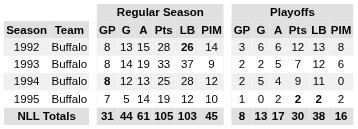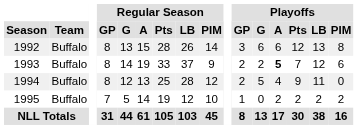 <table BORDER="0" CELLPADDING="3" CELLSPACING="0">
 <tr ALIGN="center" bgcolor="#e0e0e0">
 <th colspan="2" bgcolor="#ffffff"> </th>
 <th rowspan="99" bgcolor="#ffffff"> </th>
 <th colspan="6">Regular Season</th>
 <th rowspan="99" bgcolor="#ffffff"> </th>
 <th colspan="6">Playoffs</th>
 </tr>
 <tr ALIGN="center" bgcolor="#e0e0e0">
 <th>Season</th>
 <th>Team</th>
 <th>GP</th>
 <th>G</th>
 <th>A</th>
 <th>Pts</th>
 <th>LB</th>
 <th>PIM</th>
 <th>GP</th>
 <th>G</th>
 <th>A</th>
 <th>Pts</th>
 <th>LB</th>
 <th>PIM</th>
 </tr>
 <tr ALIGN="center" bgcolor="#f0f0f0">
 <td>1992</td>
 <td>Buffalo</td>
 <td>8</td>
 <td>13</td>
 <td>15</td>
 <td>28</td>
-<td><strong>26</strong></td>
+<td>26</td>
 <td>14</td>
 <td>3</td>
 <td>6</td>
 <td>6</td>
 <td>12</td>
 <td>13</td>
 <td>8</td>
 </tr>
 <tr ALIGN="center">
 <td>1993</td>
 <td>Buffalo</td>
 <td>8</td>
 <td>14</td>
 <td>19</td>
 <td>33</td>
 <td>37</td>
 <td>9</td>
 <td>2</td>
 <td>2</td>
-<td>5</td>
+<td><strong>5</strong></td>
 <td>7</td>
 <td>12</td>
 <td>6</td>
 </tr>
 <tr ALIGN="center" bgcolor="#f0f0f0">
 <td>1994</td>
 <td>Buffalo</td>
-<td><strong>8</strong></td>
+<td>8</td>
 <td>12</td>
 <td>13</td>
 <td>25</td>
 <td>28</td>
 <td>12</td>
 <td>2</td>
 <td>5</td>
 <td>4</td>
 <td>9</td>
 <td>11</td>
 <td>0</td>
 </tr>
 <tr ALIGN="center">
 <td>1995</td>
 <td>Buffalo</td>
 <td>7</td>
 <td>5</td>
 <td>14</td>
 <td>19</td>
 <td>12</td>
 <td>10</td>
 <td>1</td>
 <td>0</td>
 <td>2</td>
-<td><strong>2</strong></td>
-<td><strong>2</strong></td>
+<td>2</td>
+<td>2</td>
 <td>2</td>
 </tr>
 <tr ALIGN="center" bgcolor="#e0e0e0">
 <th colspan="2">NLL Totals</th>
 <th>31</th>
 <th>44</th>
 <th>61</th>
 <th>105</th>
 <th>103</th>
 <th>45</th>
 <th>8</th>
 <th>13</th>
 <th>17</th>
 <th>30</th>
 <th>38</th>
 <th>16</th>
 </tr>
 </table>
